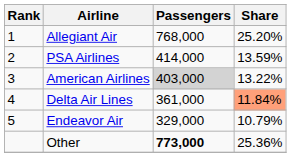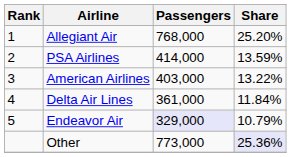 <table class="wikitable sortable" style="font-size: 95%">
 <tr>
 <th>Rank</th>
 <th>Airline</th>
 <th>Passengers</th>
 <th>Share</th>
 </tr>
 <tr>
 <td>1</td>
 <td><a href='#'>Allegiant Air</a></td>
 <td>768,000</td>
 <td>25.20%</td>
 </tr>
 <tr>
 <td>2</td>
 <td><a href='#'>PSA Airlines</a></td>
 <td>414,000</td>
 <td>13.59%</td>
 </tr>
 <tr>
 <td>3</td>
 <td><a href='#'>American Airlines</a></td>
-<td style="background: lightgrey;">403,000</td>
+<td>403,000</td>
 <td>13.22%</td>
 </tr>
 <tr>
 <td>4</td>
 <td><a href='#'>Delta Air Lines</a></td>
 <td>361,000</td>
-<td style="background: lightsalmon;">11.84%</td>
+<td>11.84%</td>
 </tr>
 <tr>
 <td>5</td>
 <td><a href='#'>Endeavor Air</a></td>
-<td>329,000</td>
+<td style="background: lavender;">329,000</td>
 <td>10.79%</td>
 </tr>
 <tr>
 <td></td>
 <td>Other</td>
-<td><strong>773,000</strong></td>
-<td>25.36%</td>
+<td>773,000</td>
+<td style="background: lavender;">25.36%</td>
 </tr>
 <tr>
 </tr>
 </table>
